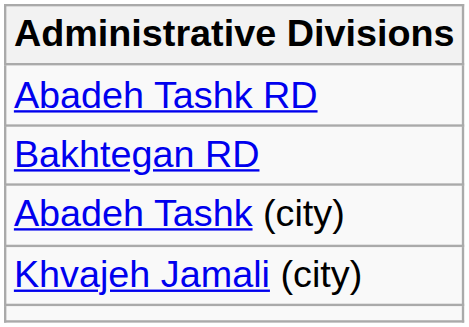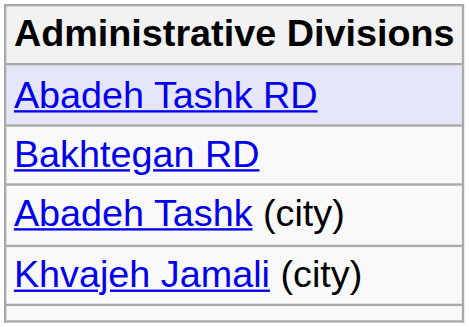 <table class="wikitable">
 <tr>
 <th>Administrative Divisions</th>
 </tr>
 <tr>
-<td><a href='#'>Abadeh Tashk RD</a></td>
+<td style="background: lavender;"><a href='#'>Abadeh Tashk RD</a></td>
 </tr>
 <tr>
 <td><a href='#'>Bakhtegan RD</a></td>
 </tr>
 <tr>
 <td><a href='#'>Abadeh Tashk</a> (city)</td>
 </tr>
 <tr>
 <td><a href='#'>Khvajeh Jamali</a> (city)</td>
 </tr>
 <tr>
 <td colspan=1></td>
 </tr>
 </table>
